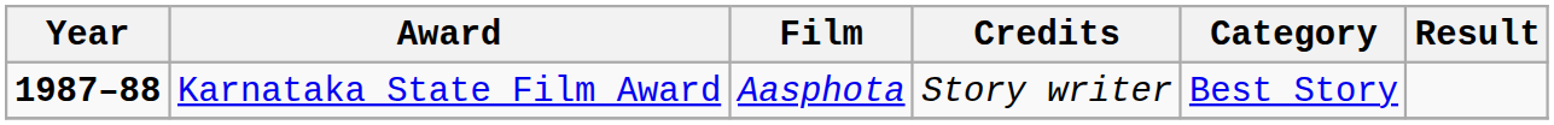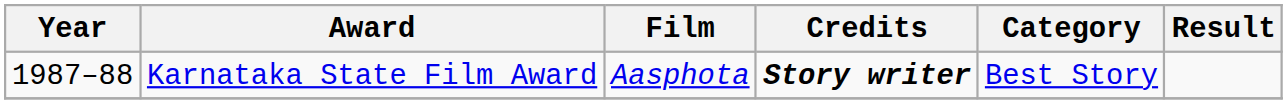 <table class="wikitable">
 <tr>
 <th>Year</th>
 <th>Award</th>
 <th>Film</th>
 <th>Credits</th>
 <th>Category</th>
 <th>Result</th>
 </tr>
 <tr>
-<td style="text-align:left;"><strong>1987–88</strong></td>
+<td style="text-align:left;">1987–88</td>
 <td style="text-align:left;"><a href='#'>Karnataka State Film Award</a></td>
 <td style="text-align:left;"><em><a href='#'>Aasphota</a></em></td>
-<td style="text-align:left;"><em>Story writer</em></td>
+<td style="text-align:left;"><strong><em>Story writer</em></strong></td>
 <td style="text-align:left;"><a href='#'>Best Story</a></td>
 <td></td>
 </tr>
 <tr>
 </tr>
 </table>
